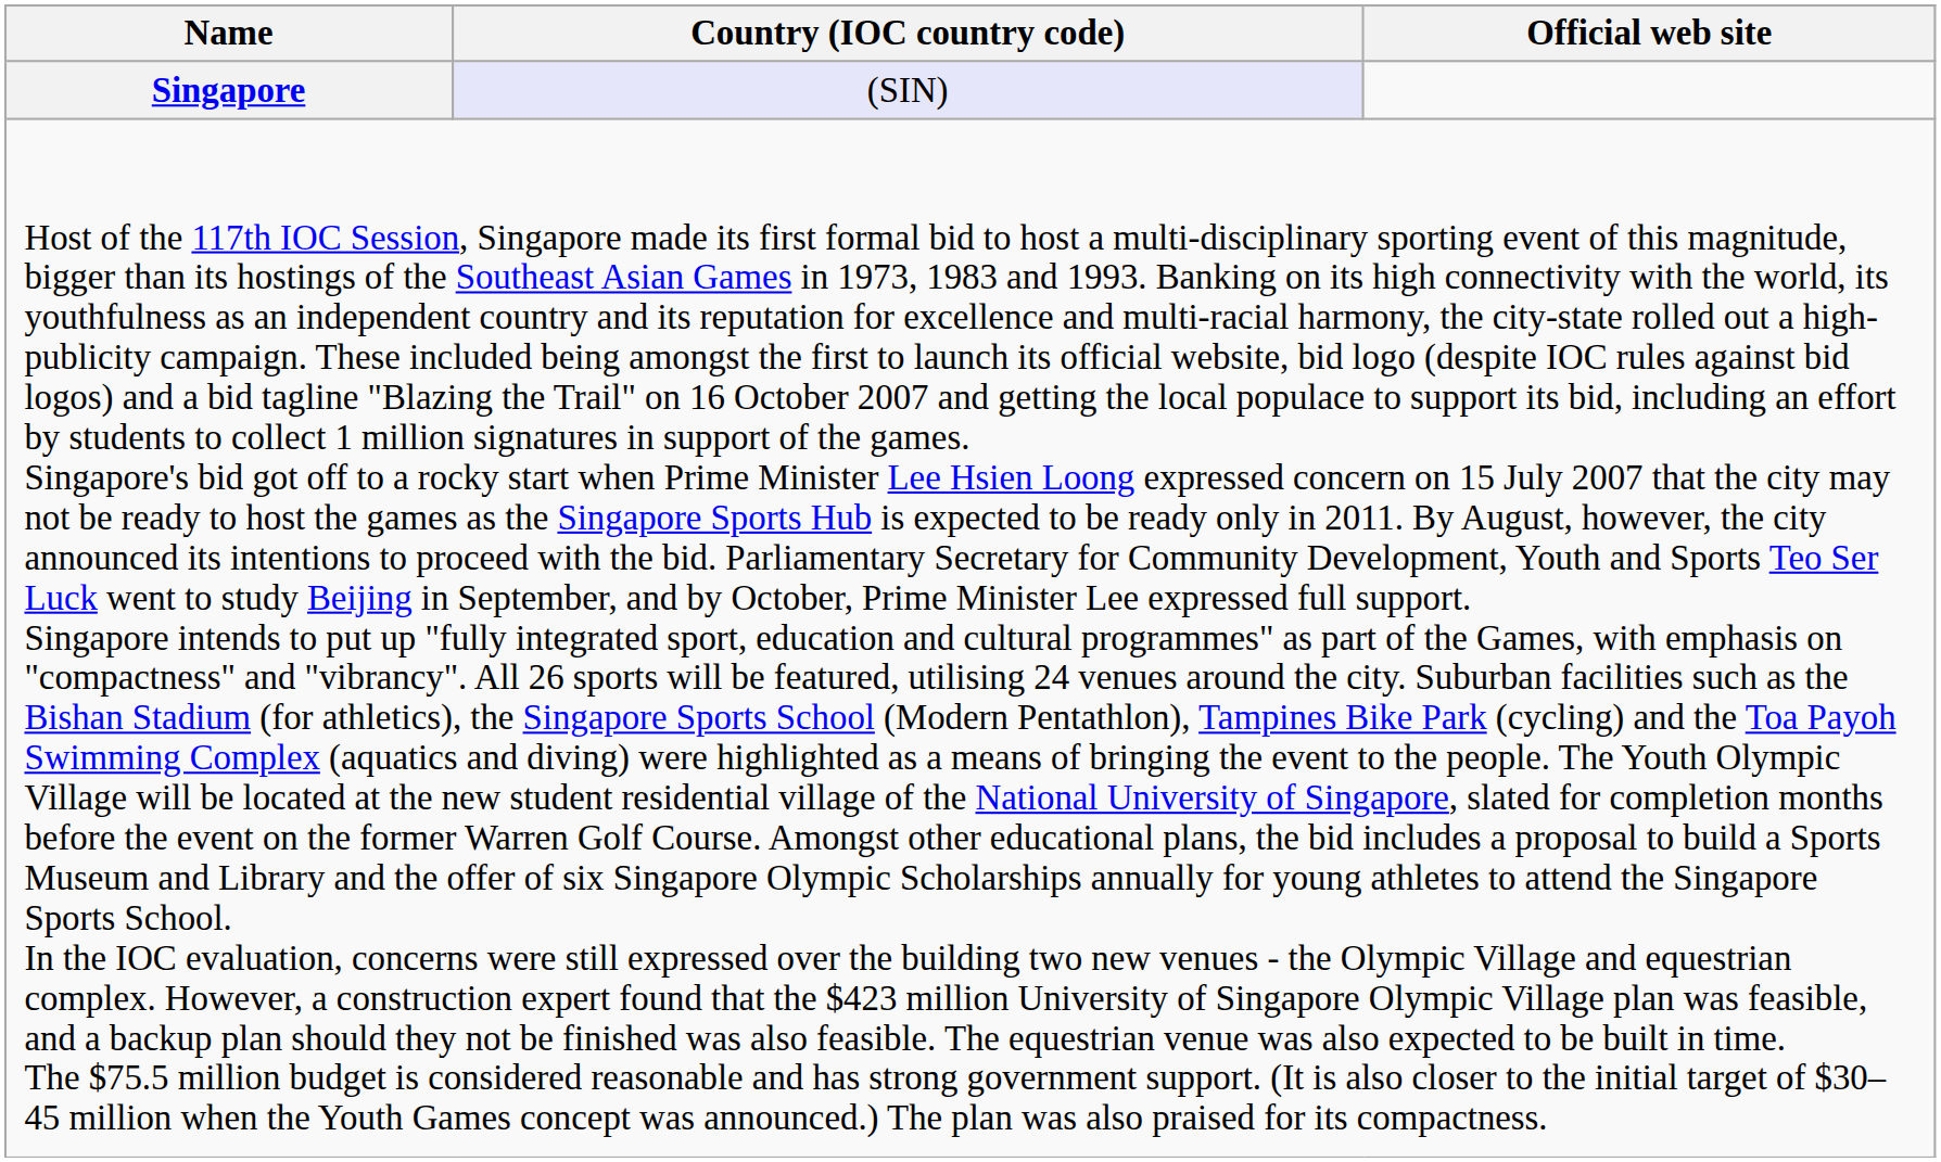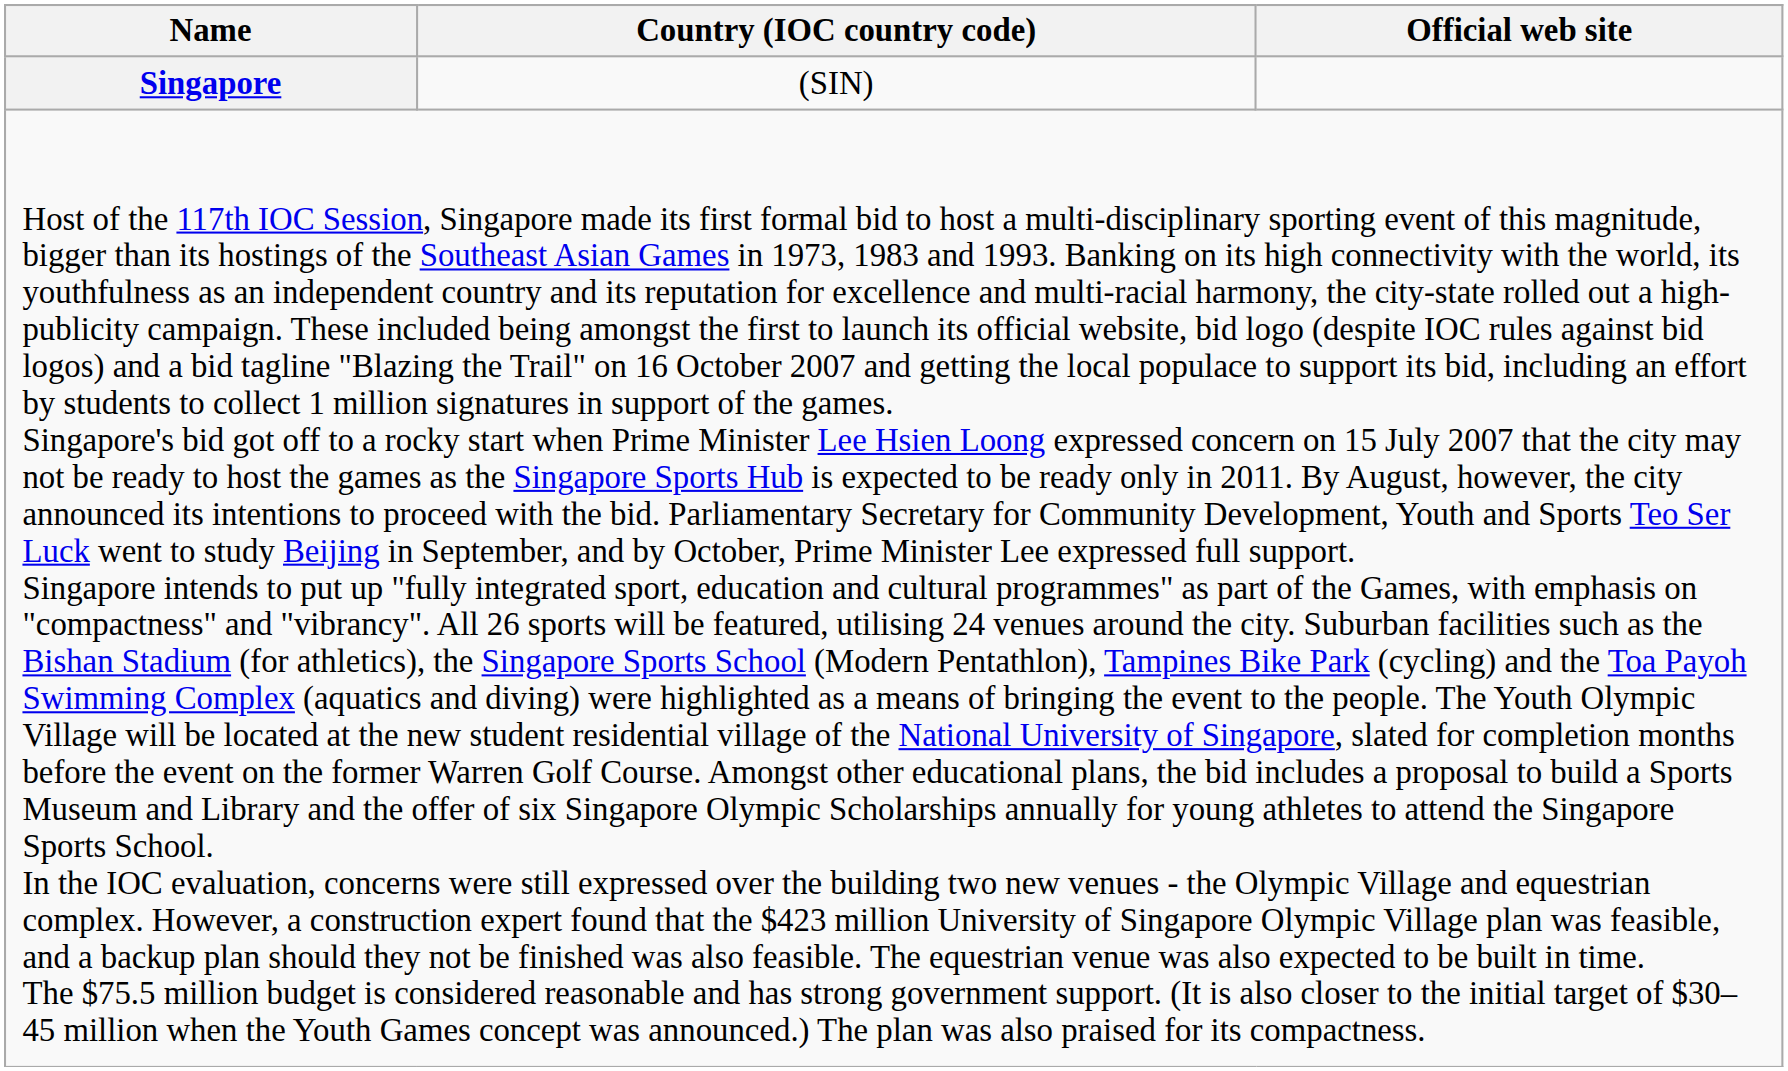 <table class="wikitable">
 <tr>
 <th>Name</th>
 <th>Country (IOC country code)</th>
 <th>Official web site</th>
 </tr>
 <tr>
 <th><a href='#'>Singapore</a></th>
-<td align="center" style="background: lavender;"><strong></strong> (SIN)</td>
+<td align="center"><strong></strong> (SIN)</td>
 <td align="center"></td>
 </tr>
 <tr>
 <td colspan=3 style="padding:0.5em;"><br><br>Host of the <a href='#'>117th IOC Session</a>, Singapore made its first formal bid to host a multi-disciplinary sporting event of this magnitude, bigger than its hostings of the <a href='#'>Southeast Asian Games</a> in 1973, 1983 and 1993. Banking on its high connectivity with the world, its youthfulness as an independent country and its reputation for excellence and multi-racial harmony, the city-state rolled out a high-publicity campaign. These included being amongst the first to launch its official website, bid logo (despite IOC rules against bid logos) and a bid tagline "Blazing the Trail" on 16 October 2007 and getting the local populace to support its bid, including an effort by students to collect 1 million signatures in support of the games.<br>Singapore's bid got off to a rocky start when Prime Minister <a href='#'>Lee Hsien Loong</a> expressed concern on 15 July 2007 that the city may not be ready to host the games as the <a href='#'>Singapore Sports Hub</a> is expected to be ready only in 2011. By August, however, the city announced its intentions to proceed with the bid. Parliamentary Secretary for Community Development, Youth and Sports <a href='#'>Teo Ser Luck</a> went to study  <a href='#'>Beijing</a> in September, and by October, Prime Minister Lee expressed full support.<br>Singapore intends to put up "fully integrated sport, education and cultural programmes" as part of the Games, with emphasis on "compactness" and "vibrancy". All 26 sports will be featured, utilising 24 venues around the city. Suburban facilities such as the <a href='#'>Bishan Stadium</a> (for athletics), the <a href='#'>Singapore Sports School</a> (Modern Pentathlon), <a href='#'>Tampines Bike Park</a> (cycling) and the <a href='#'>Toa Payoh Swimming Complex</a> (aquatics and diving) were highlighted as a means of bringing the event to the people. The Youth Olympic Village will be located at the new student residential village of the <a href='#'>National University of Singapore</a>, slated for completion months before the event on the former Warren Golf Course. Amongst other educational plans, the bid includes a proposal to build a Sports Museum and Library and the offer of six Singapore Olympic Scholarships annually for young athletes to attend the Singapore Sports School.<br>In the IOC evaluation, concerns were still expressed over the building two new venues - the Olympic Village and equestrian complex. However, a construction expert found that the $423 million University of Singapore Olympic Village plan was feasible, and a backup plan should they not be finished was also feasible. The equestrian venue was also expected to be built in time.<br>The $75.5 million budget is considered reasonable and has strong government support. (It is also closer to the initial target of $30–45 million when the Youth Games concept was announced.) The plan was also praised for its compactness.</td>
 </tr>
 </table>
